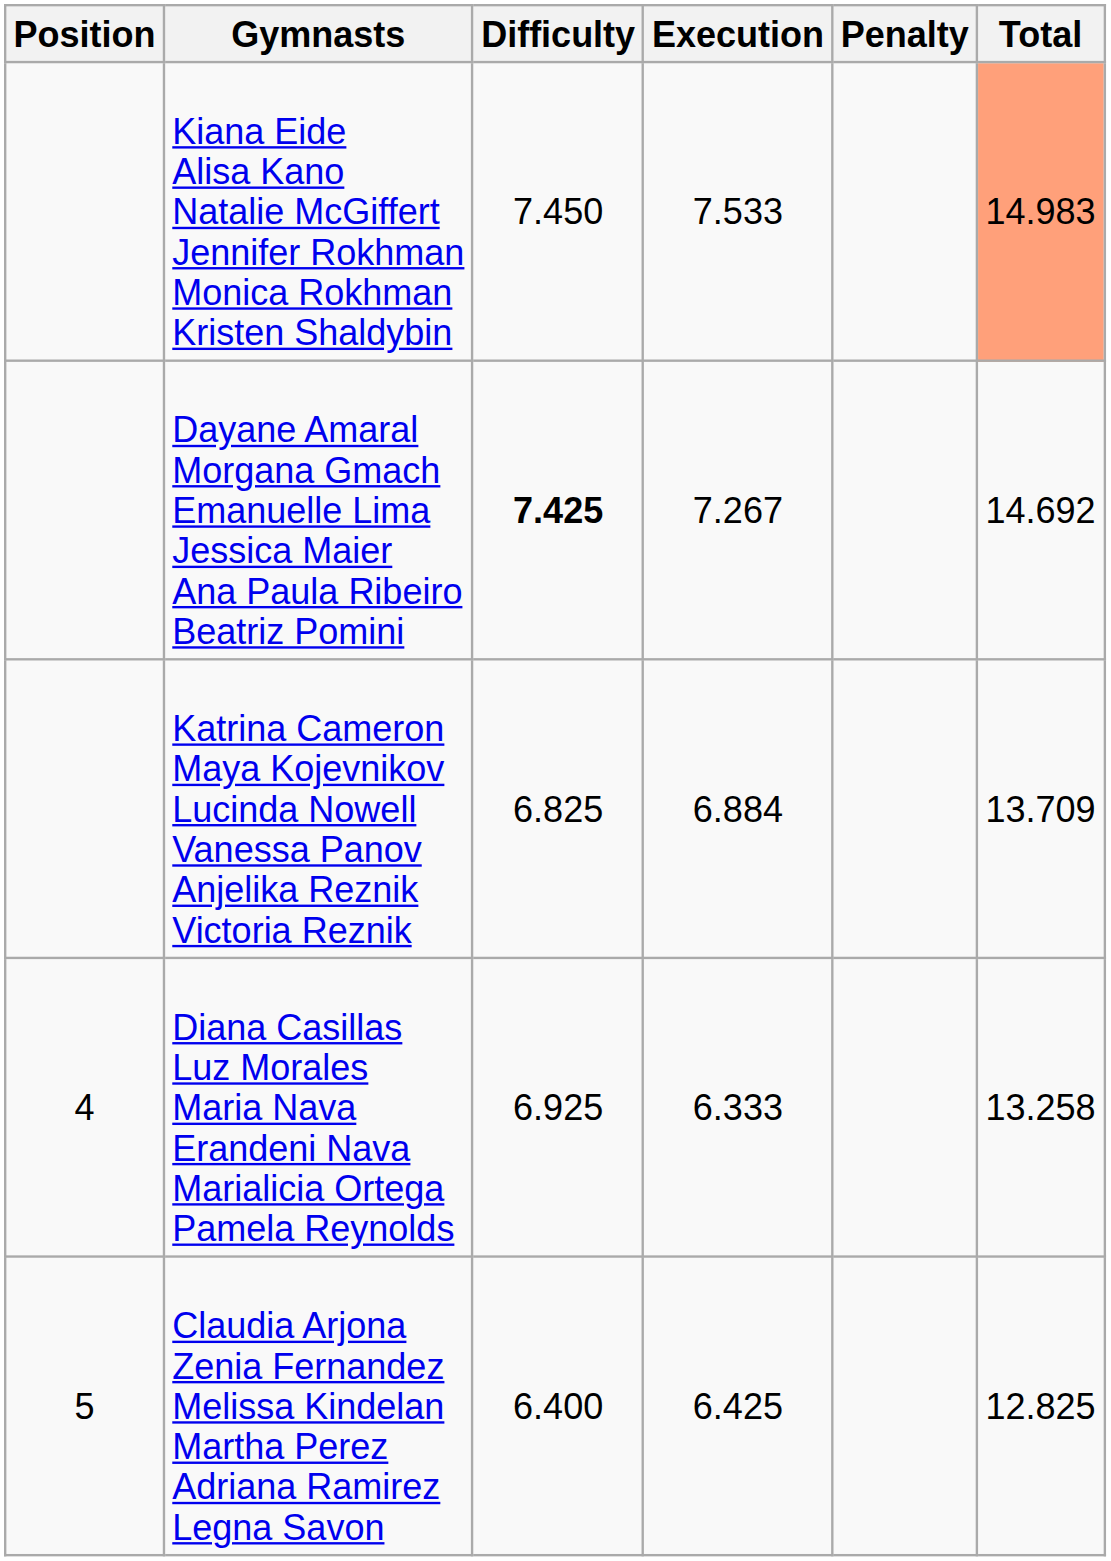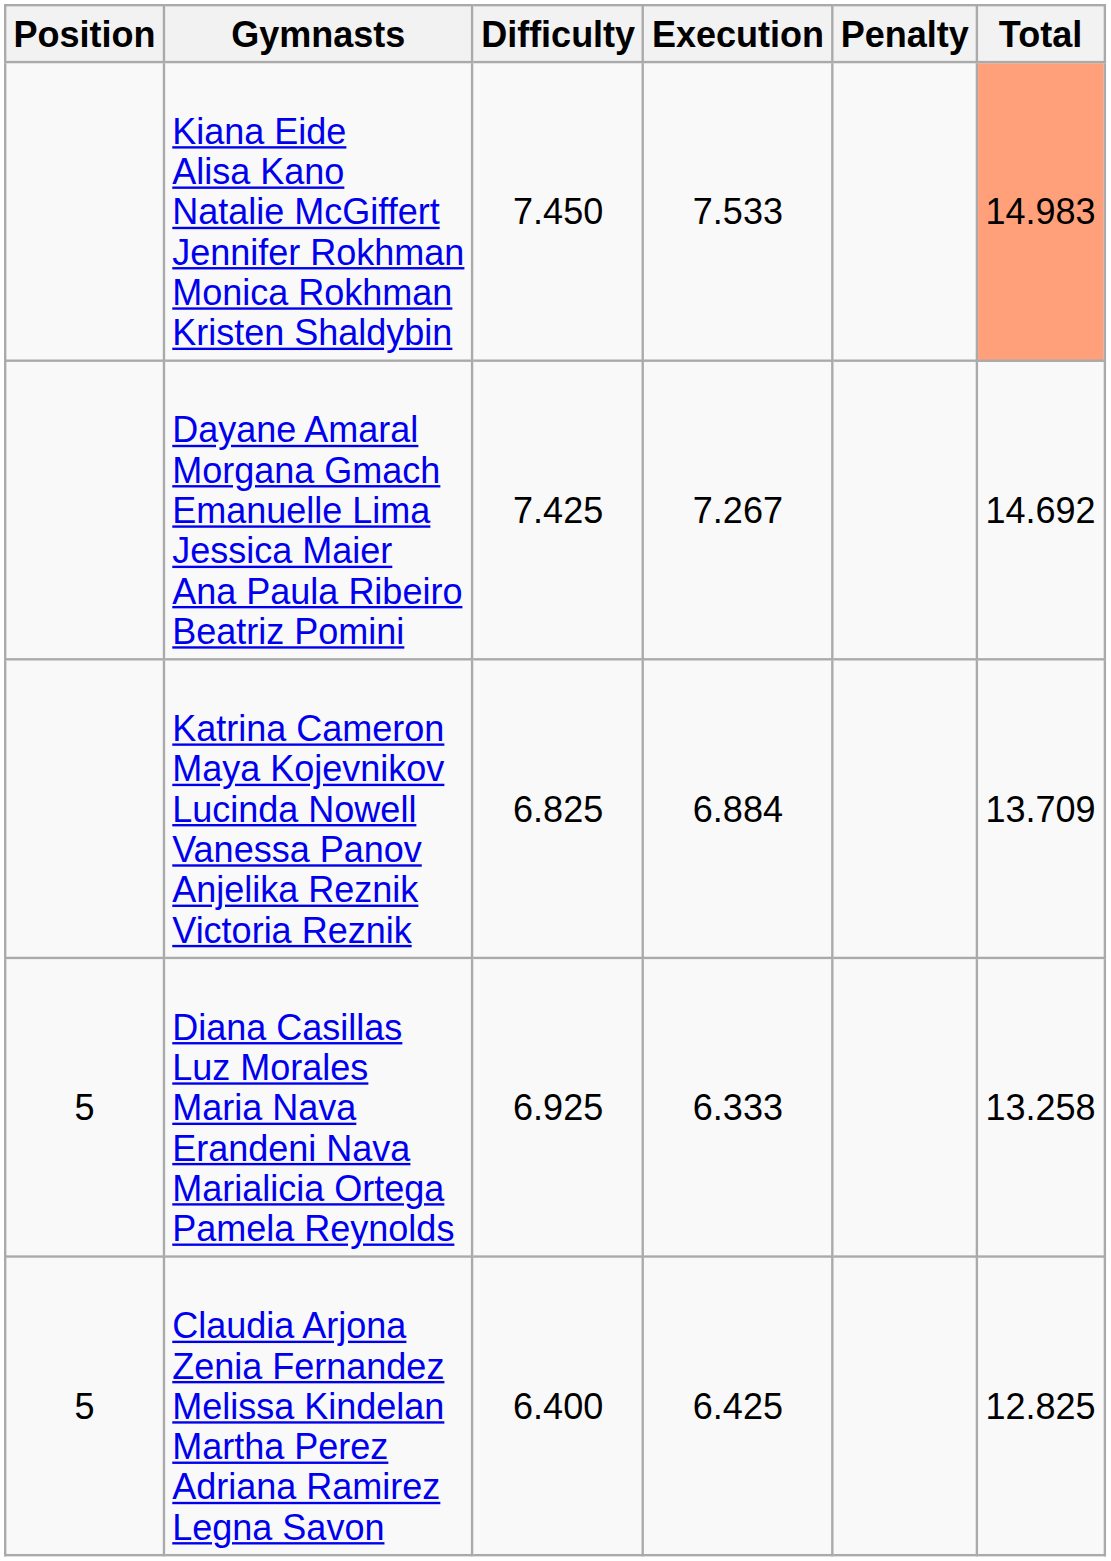 <table class="wikitable sortable" style="text-align:center; font-size:95%">
 <tr>
 <th>Position</th>
 <th>Gymnasts</th>
 <th>Difficulty</th>
 <th>Execution</th>
 <th>Penalty</th>
 <th>Total</th>
 </tr>
 <tr>
 <td></td>
 <td align=left> <br> <a href='#'>Kiana Eide</a><br><a href='#'>Alisa Kano</a><br><a href='#'>Natalie McGiffert</a><br><a href='#'>Jennifer Rokhman</a><br><a href='#'>Monica Rokhman</a><br><a href='#'>Kristen Shaldybin</a></td>
 <td>7.450</td>
 <td>7.533</td>
 <td></td>
 <td style="background: lightsalmon;">14.983</td>
 </tr>
 <tr>
 <td></td>
 <td align=left> <br> <a href='#'>Dayane Amaral</a><br><a href='#'>Morgana Gmach</a><br><a href='#'>Emanuelle Lima</a><br><a href='#'>Jessica Maier</a><br><a href='#'>Ana Paula Ribeiro</a><br><a href='#'>Beatriz Pomini</a></td>
-<td><strong>7.425</strong></td>
+<td>7.425</td>
 <td>7.267</td>
 <td></td>
 <td>14.692</td>
 </tr>
 <tr>
 <td></td>
 <td align=left> <br> <a href='#'>Katrina Cameron</a> <br> <a href='#'>Maya Kojevnikov</a> <br> <a href='#'>Lucinda Nowell</a> <br> <a href='#'>Vanessa Panov</a> <br> <a href='#'>Anjelika Reznik</a> <br><a href='#'>Victoria Reznik</a></td>
 <td>6.825</td>
 <td>6.884</td>
 <td></td>
 <td>13.709</td>
 </tr>
 <tr>
-<td>4</td>
+<td>5</td>
 <td align=left> <br> <a href='#'>Diana Casillas</a> <br> <a href='#'>Luz Morales</a> <br> <a href='#'>Maria Nava</a> <br> <a href='#'>Erandeni Nava</a> <br> <a href='#'>Marialicia Ortega</a> <br> <a href='#'>Pamela Reynolds</a></td>
 <td>6.925</td>
 <td>6.333</td>
 <td></td>
 <td>13.258</td>
 </tr>
 <tr>
 <td>5</td>
 <td align=left> <br> <a href='#'>Claudia Arjona</a><br><a href='#'>Zenia Fernandez</a><br><a href='#'>Melissa Kindelan</a><br><a href='#'>Martha Perez</a><br><a href='#'>Adriana Ramirez</a><br><a href='#'>Legna Savon</a></td>
 <td>6.400</td>
 <td>6.425</td>
 <td></td>
 <td>12.825</td>
 </tr>
 </table>
